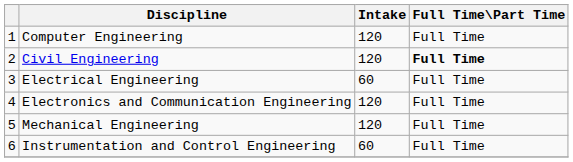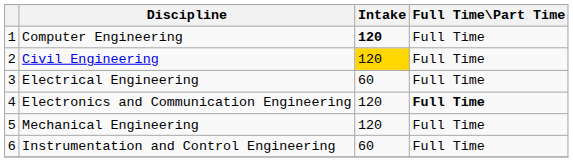 <table class="wikitable">
 <tr>
 <th></th>
 <th>Discipline</th>
 <th>Intake</th>
 <th>Full Time\Part Time</th>
 </tr>
 <tr>
 <td>1</td>
 <td>Computer Engineering</td>
-<td>120</td>
+<td><strong>120</strong></td>
 <td>Full Time</td>
 </tr>
 <tr>
 <td>2</td>
 <td><a href='#'>Civil Engineering</a></td>
-<td>120</td>
-<td><strong>Full Time</strong></td>
+<td style="background: gold;">120</td>
+<td>Full Time</td>
 </tr>
 <tr>
 <td>3</td>
 <td>Electrical Engineering</td>
 <td>60</td>
 <td>Full Time</td>
 </tr>
 <tr>
 <td>4</td>
 <td>Electronics and Communication Engineering</td>
 <td>120</td>
-<td>Full Time</td>
+<td><strong>Full Time</strong></td>
 </tr>
 <tr>
 <td>5</td>
 <td>Mechanical Engineering</td>
 <td>120</td>
 <td>Full Time</td>
 </tr>
 <tr>
 <td>6</td>
 <td>Instrumentation and Control Engineering</td>
 <td>60</td>
 <td>Full Time</td>
 </tr>
 <tr>
 </tr>
 </table>
